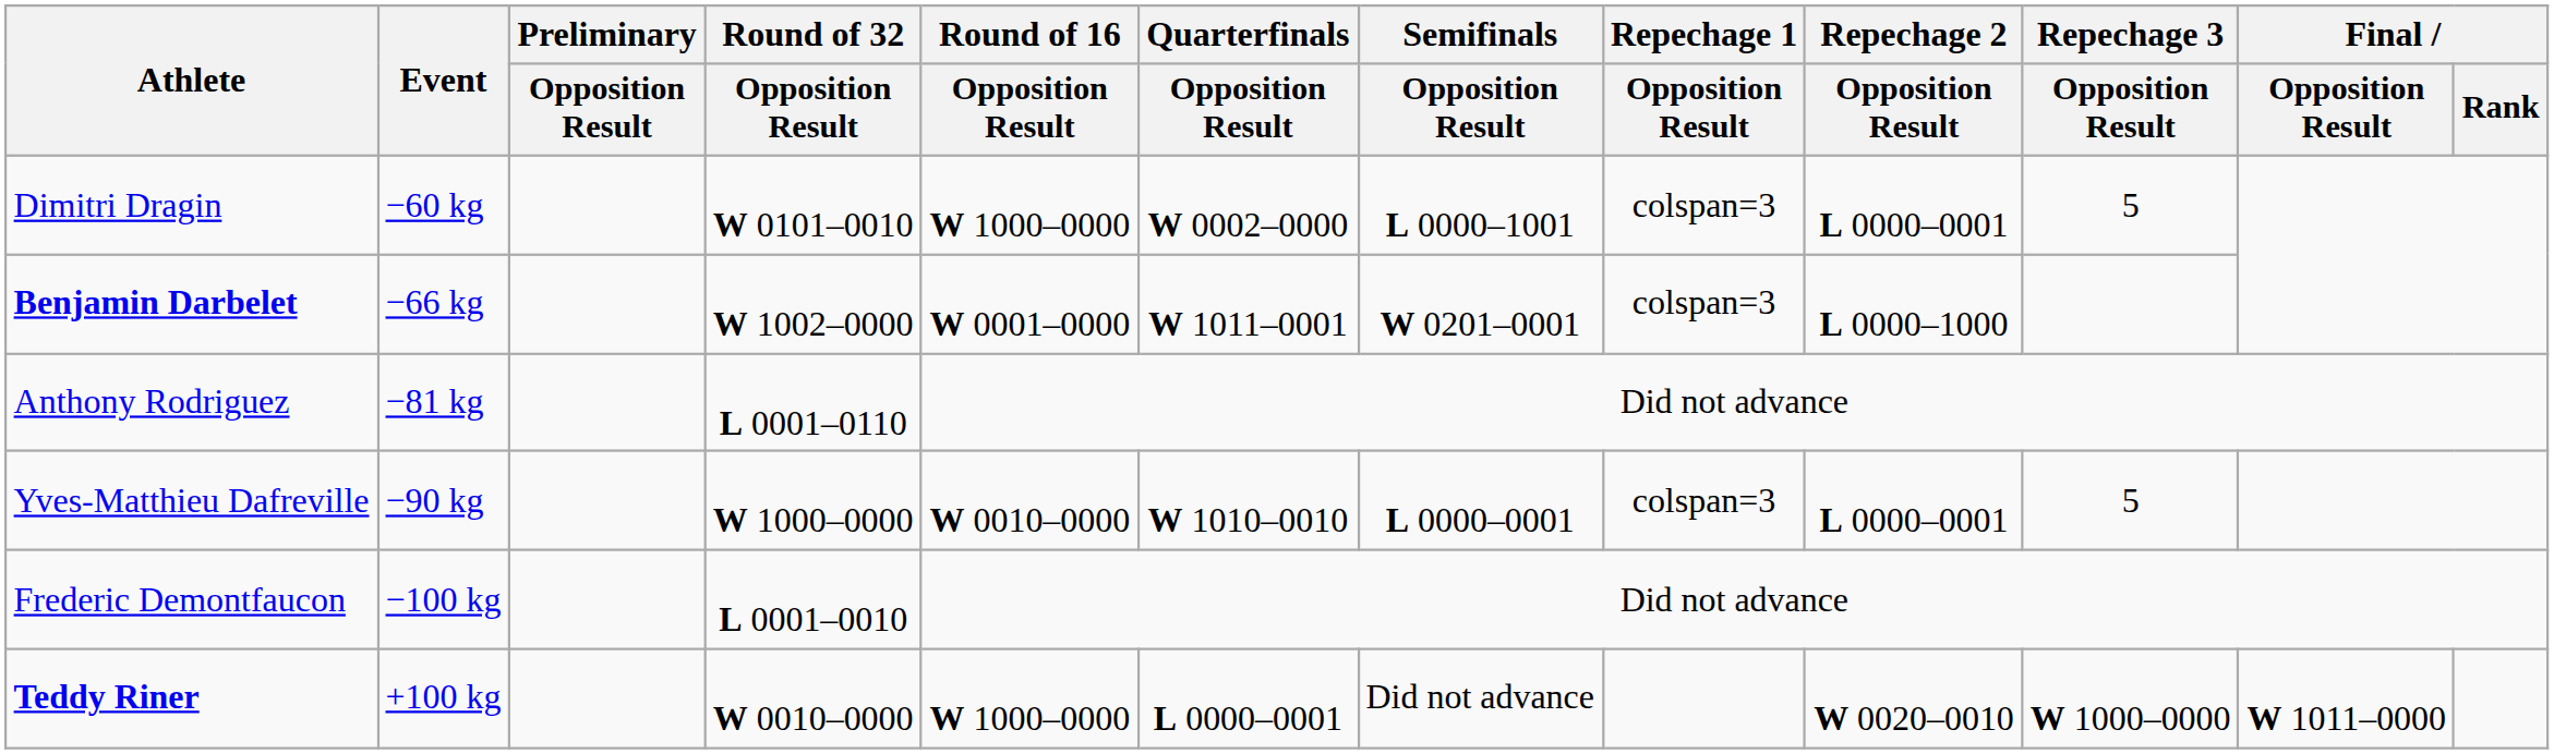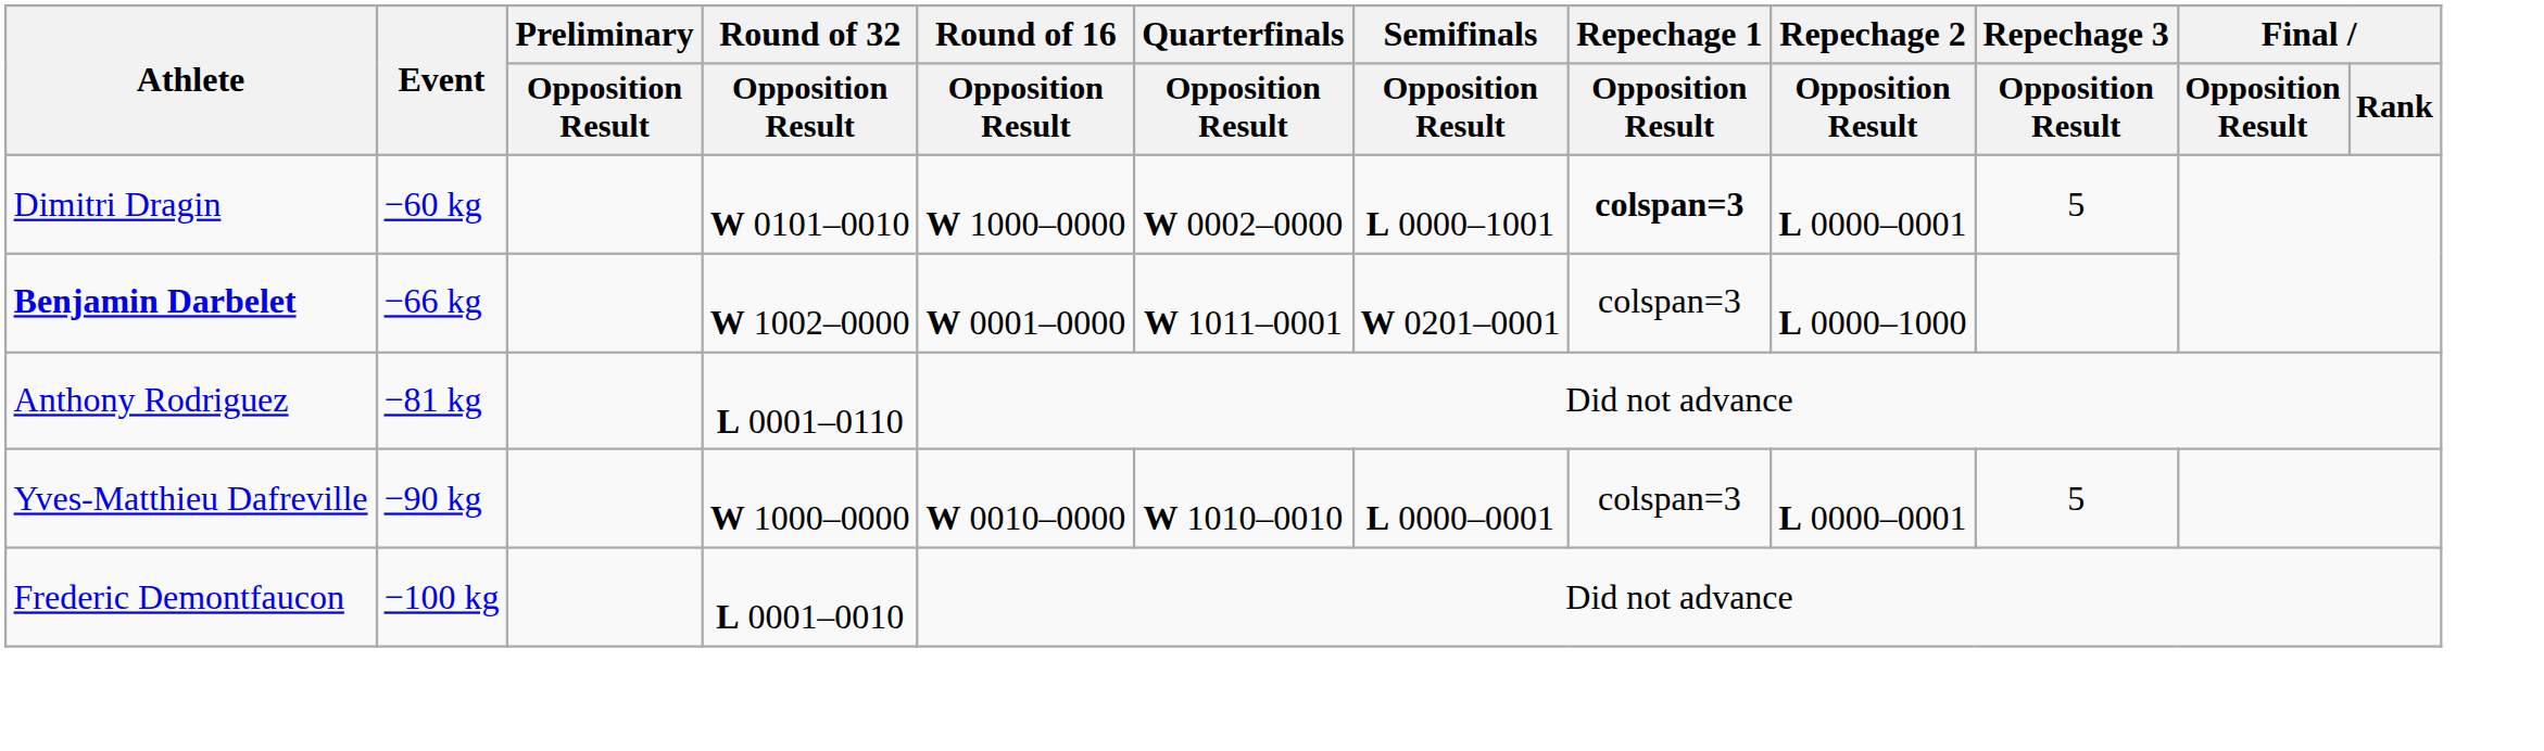 <table class="wikitable" style="font-size:90%">
 <tr>
 <th rowspan="2">Athlete</th>
 <th rowspan="2">Event</th>
 <th>Preliminary</th>
 <th>Round of 32</th>
 <th>Round of 16</th>
 <th>Quarterfinals</th>
 <th>Semifinals</th>
 <th>Repechage 1</th>
 <th>Repechage 2</th>
 <th>Repechage 3</th>
 <th colspan=2>Final / </th>
 </tr>
 <tr style="font-size:95%">
 <th>Opposition<br>Result</th>
 <th>Opposition<br>Result</th>
 <th>Opposition<br>Result</th>
 <th>Opposition<br>Result</th>
 <th>Opposition<br>Result</th>
 <th>Opposition<br>Result</th>
 <th>Opposition<br>Result</th>
 <th>Opposition<br>Result</th>
 <th>Opposition<br>Result</th>
 <th>Rank</th>
 </tr>
 <tr align=center>
 <td align=left><a href='#'>Dimitri Dragin</a></td>
 <td align=left><a href='#'>−60 kg</a></td>
 <td></td>
 <td><br><strong>W</strong> 0101–0010</td>
 <td><br><strong>W</strong> 1000–0000</td>
 <td><br><strong>W</strong> 0002–0000</td>
 <td><br><strong>L</strong> 0000–1001</td>
-<td>colspan=3 </td>
+<td><strong>colspan=3 </strong></td>
 <td><br><strong>L</strong> 0000–0001</td>
 <td>5</td>
 </tr>
 <tr align=center>
 <td align=left><strong><a href='#'>Benjamin Darbelet</a></strong></td>
 <td align=left><a href='#'>−66 kg</a></td>
 <td></td>
 <td><br><strong>W</strong> 1002–0000</td>
 <td><br><strong>W</strong> 0001–0000</td>
 <td><br><strong>W</strong> 1011–0001</td>
 <td><br><strong>W</strong> 0201–0001</td>
 <td>colspan=3 </td>
 <td><br><strong>L</strong> 0000–1000</td>
 <td></td>
 </tr>
 <tr align=center>
 <td align=left><a href='#'>Anthony Rodriguez</a></td>
 <td align=left><a href='#'>−81 kg</a></td>
 <td></td>
 <td><br><strong>L</strong> 0001–0110</td>
 <td colspan=8>Did not advance</td>
 </tr>
 <tr align=center>
 <td align=left><a href='#'>Yves-Matthieu Dafreville</a></td>
 <td align=left><a href='#'>−90 kg</a></td>
 <td></td>
 <td><br><strong>W</strong> 1000–0000</td>
 <td><br><strong>W</strong> 0010–0000</td>
 <td><br><strong>W</strong> 1010–0010</td>
 <td><br><strong>L</strong> 0000–0001</td>
 <td>colspan=3 </td>
 <td><br><strong>L</strong> 0000–0001</td>
 <td>5</td>
 </tr>
 <tr align=center>
 <td align=left><a href='#'>Frederic Demontfaucon</a></td>
 <td align=left><a href='#'>−100 kg</a></td>
 <td></td>
 <td><br><strong>L</strong> 0001–0010</td>
 <td colspan=8>Did not advance</td>
 </tr>
-<tr align=center>
-<td align=left><strong><a href='#'>Teddy Riner</a></strong></td>
-<td align=left><a href='#'>+100 kg</a></td>
-<td></td>
-<td><br><strong>W</strong> 0010–0000</td>
-<td><br><strong>W</strong> 1000–0000</td>
-<td><br><strong>L</strong> 0000–0001</td>
-<td>Did not advance</td>
-<td></td>
-<td><br><strong>W</strong> 0020–0010</td>
-<td><br><strong>W</strong> 1000–0000</td>
-<td><br><strong>W</strong> 1011–0000</td>
-<td></td>
-</tr>
 </table>
